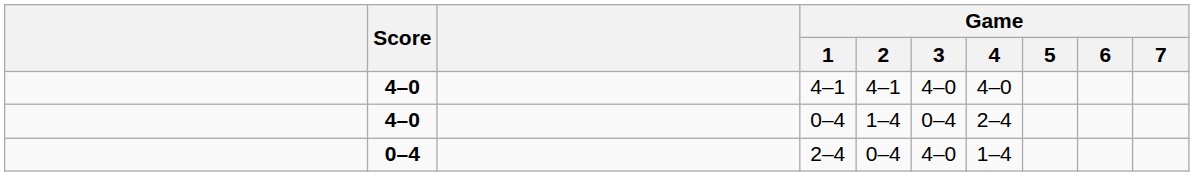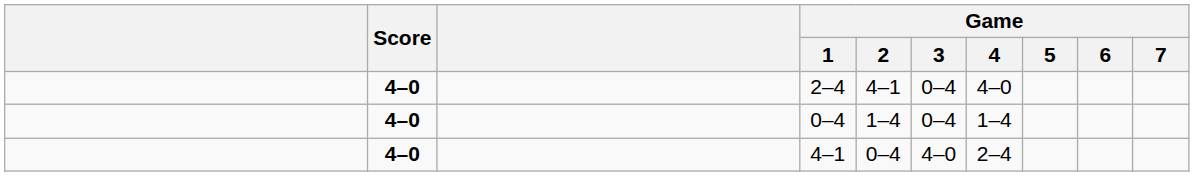 <table class="wikitable" style="text-align: center;">
 <tr>
 <th rowspan=2 align="right" width="270"></th>
 <th rowspan=2 width="45">Score</th>
 <th rowspan=2 align="left" width="270"></th>
 <th colspan=7>Game</th>
 </tr>
 <tr>
 <th width="35">1</th>
 <th width="35">2</th>
 <th width="35">3</th>
 <th width="35">4</th>
 <th width="35">5</th>
 <th width="35">6</th>
 <th width="35">7</th>
 </tr>
 <tr>
 <td align=left><strong></strong></td>
 <td align=center><strong>4–0</strong></td>
 <td align=left></td>
+<td>2–4</td>
 <td>4–1</td>
-<td>4–1</td>
-<td>4–0</td>
+<td>0–4</td>
 <td>4–0</td>
 <td></td>
 <td></td>
 <td></td>
 </tr>
 <tr>
 <td align=left></td>
 <td align=center><strong>4–0</strong></td>
 <td align=left><strong></strong></td>
 <td>0–4</td>
 <td>1–4</td>
 <td>0–4</td>
-<td>2–4</td>
+<td>1–4</td>
 <td></td>
 <td></td>
 <td></td>
 </tr>
 <tr>
 <td align=left></td>
-<td align=center><strong>0–4</strong></td>
+<td align=center><strong>4–0</strong></td>
 <td align=left><strong></strong></td>
-<td>2–4</td>
+<td>4–1</td>
 <td>0–4</td>
 <td>4–0</td>
-<td>1–4</td>
+<td>2–4</td>
 <td></td>
 <td></td>
 <td></td>
 </tr>
 </table>
